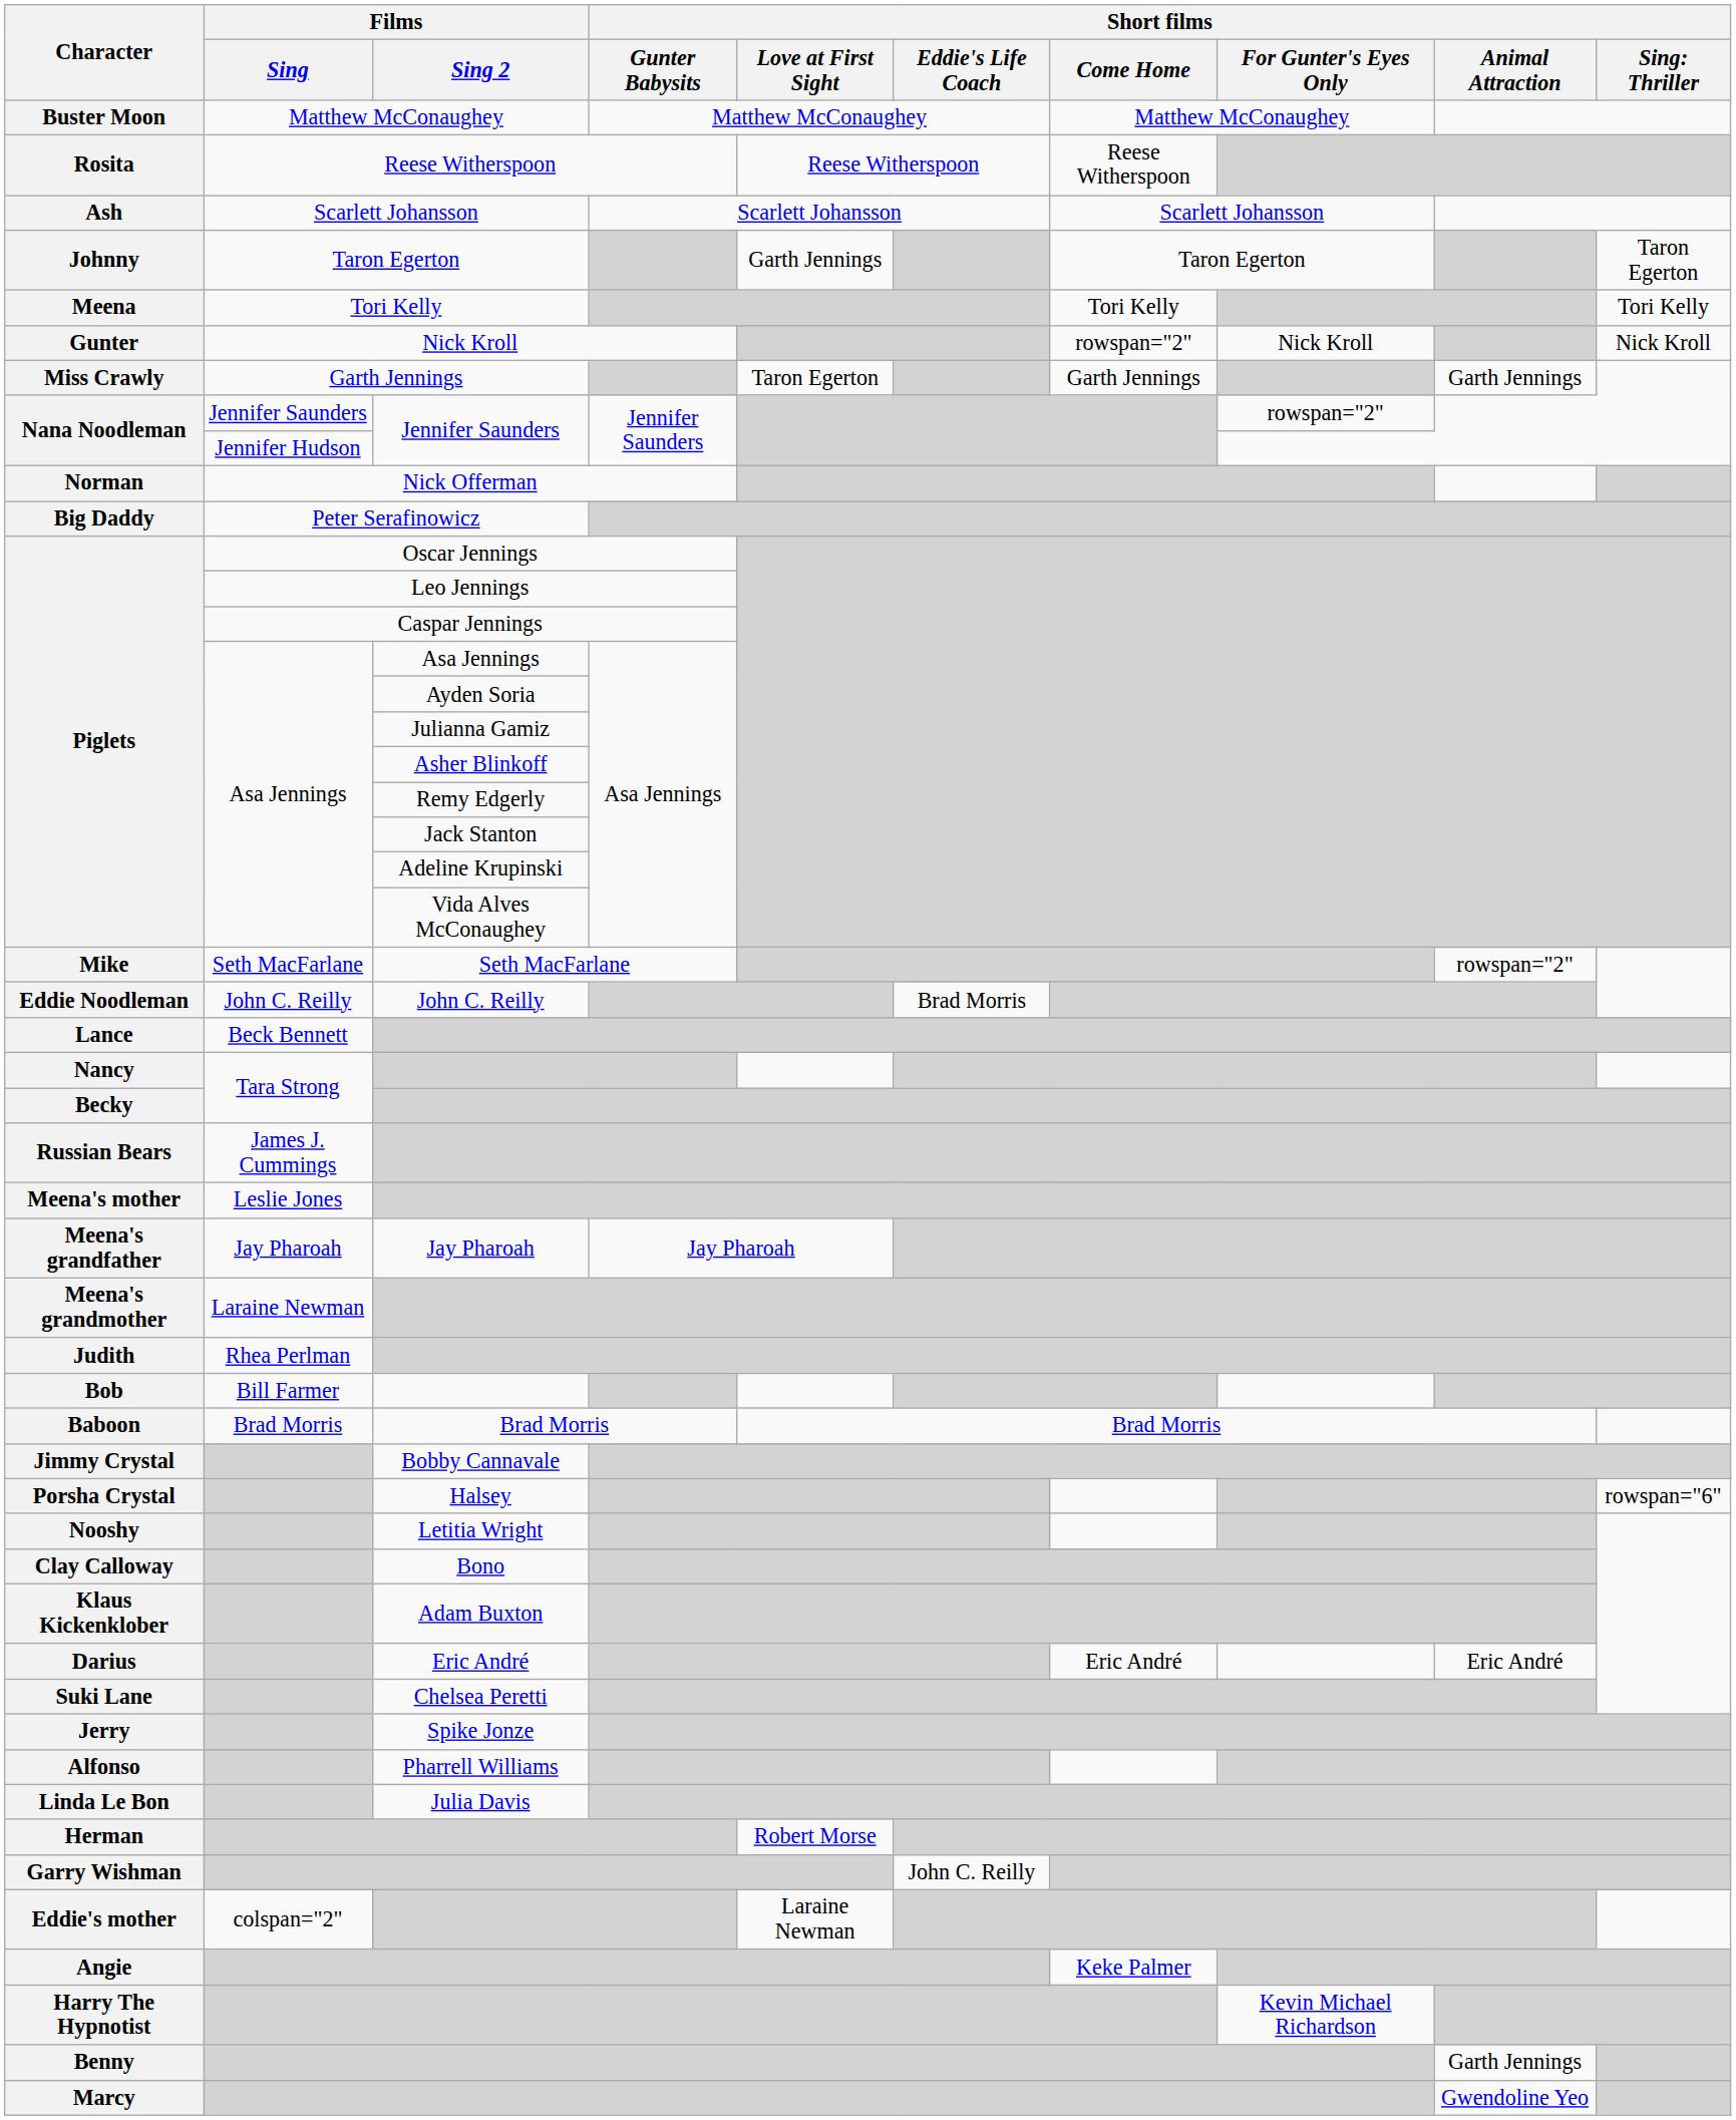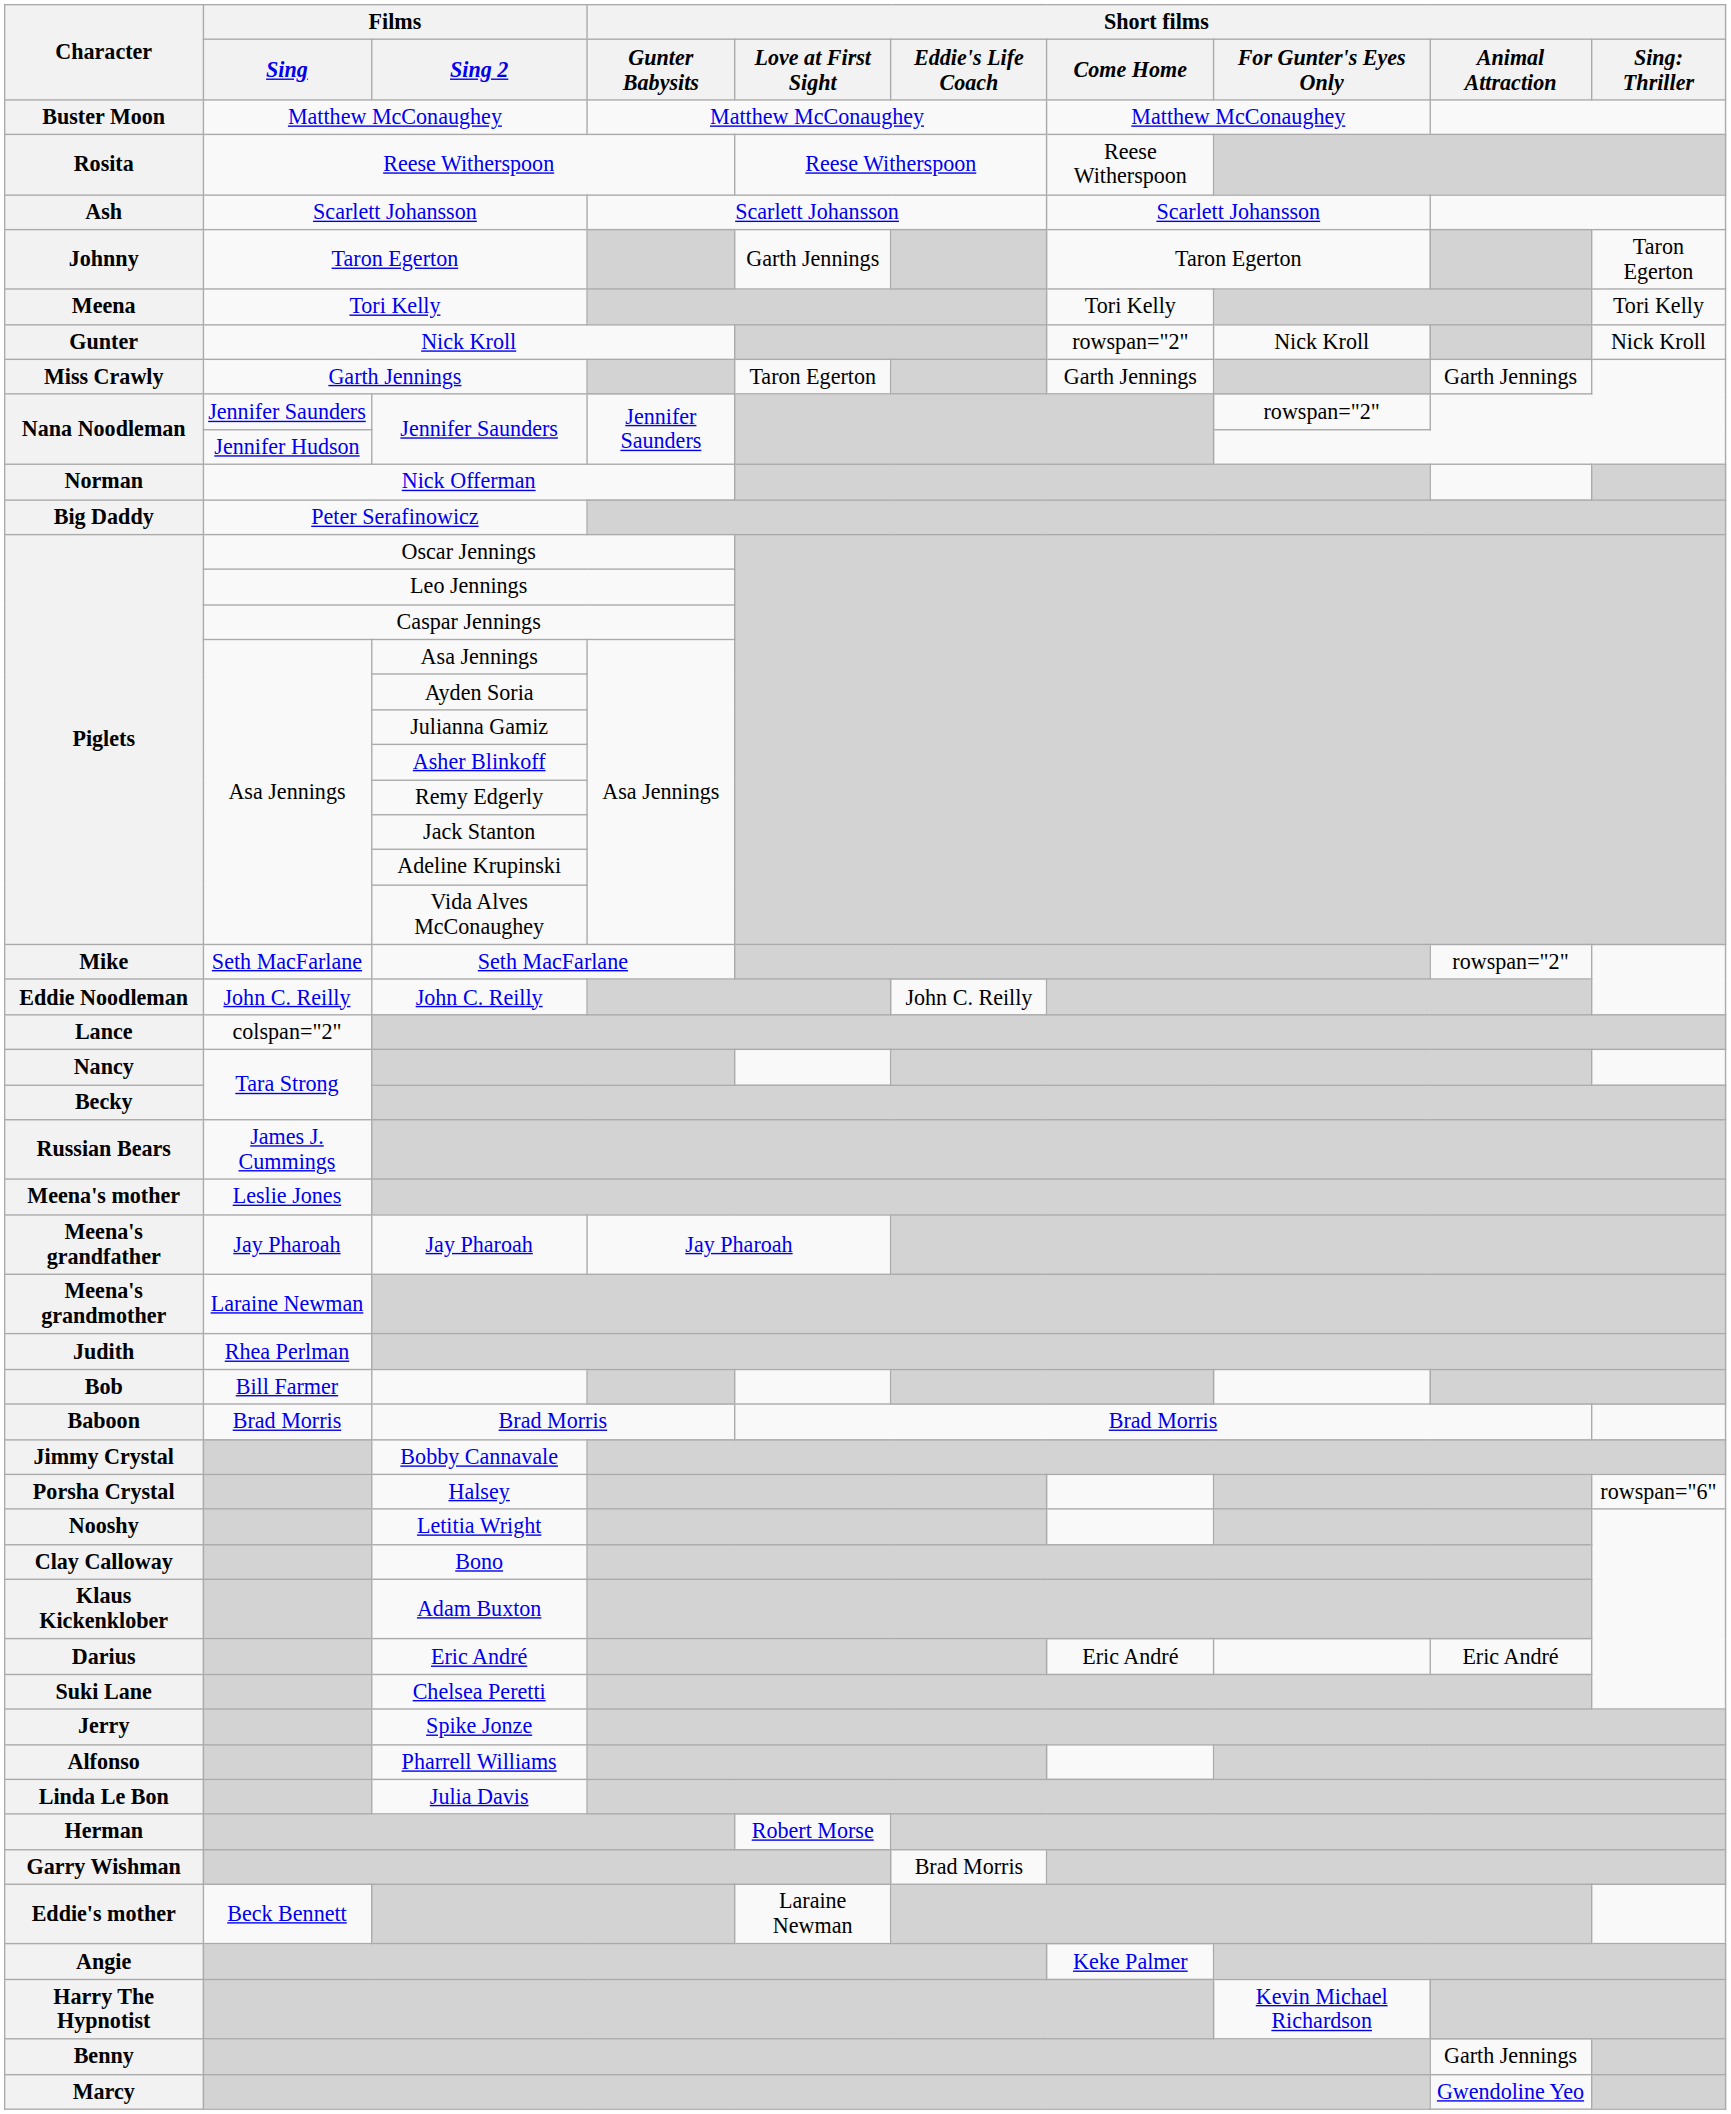 <table class="wikitable" style="text-align:center;">
 <tr>
 <th rowspan="2">Character</th>
 <th colspan="2">Films</th>
 <th colspan="7">Short films</th>
 </tr>
 <tr>
 <th><em><a href='#'>Sing</a></em></th>
 <th><em><a href='#'>Sing 2</a></em></th>
 <th><em>Gunter Babysits</em></th>
 <th><em>Love at First Sight</em></th>
 <th><em>Eddie's Life Coach</em></th>
 <th><em>Come Home</em></th>
 <th><em>For Gunter's Eyes Only</em></th>
 <th><em>Animal Attraction</em></th>
 <th><em>Sing: Thriller</em></th>
 </tr>
 <tr>
 <th>Buster Moon</th>
 <td colspan="2"><a href='#'>Matthew McConaughey</a></td>
 <td colspan="3"><a href='#'>Matthew McConaughey</a></td>
 <td colspan="2"><a href='#'>Matthew McConaughey</a></td>
 </tr>
 <tr>
 <th>Rosita</th>
 <td colspan="3"><a href='#'>Reese Witherspoon</a></td>
 <td colspan="2"><a href='#'>Reese Witherspoon</a></td>
 <td>Reese Witherspoon</td>
 <td colspan="3" style="background:lightgrey;"></td>
 </tr>
 <tr>
 <th>Ash</th>
 <td colspan="2"><a href='#'>Scarlett Johansson</a></td>
 <td colspan="3"><a href='#'>Scarlett Johansson</a></td>
 <td colspan="2"><a href='#'>Scarlett Johansson</a></td>
 </tr>
 <tr>
 <th>Johnny</th>
 <td colspan="2"><a href='#'>Taron Egerton</a></td>
 <td style="background:lightgrey;"></td>
 <td>Garth Jennings</td>
 <td style="background:lightgrey;"></td>
 <td colspan="2">Taron Egerton</td>
 <td style="background:lightgrey;"></td>
 <td>Taron Egerton</td>
 </tr>
 <tr>
 <th>Meena</th>
 <td colspan="2"><a href='#'>Tori Kelly</a></td>
 <td colspan="3" style="background:lightgrey;"></td>
 <td>Tori Kelly</td>
 <td colspan="2" style="background:lightgrey;"></td>
 <td>Tori Kelly</td>
 </tr>
 <tr>
 <th>Gunter</th>
 <td colspan="3"><a href='#'>Nick Kroll</a></td>
 <td colspan="2" style="background:lightgrey;"></td>
 <td>rowspan="2" </td>
 <td>Nick Kroll</td>
 <td style="background:lightgrey;"></td>
 <td>Nick Kroll</td>
 </tr>
 <tr>
 <th>Miss Crawly</th>
 <td colspan="2"><a href='#'>Garth Jennings</a></td>
 <td style="background:lightgrey;"></td>
 <td>Taron Egerton</td>
 <td style="background:lightgrey;"></td>
 <td>Garth Jennings</td>
 <td style="background:lightgrey;"></td>
 <td>Garth Jennings</td>
 </tr>
 <tr>
 <th rowspan="2">Nana Noodleman</th>
 <td><a href='#'>Jennifer Saunders</a></td>
 <td rowspan="2"><a href='#'>Jennifer Saunders</a></td>
 <td rowspan="2"><a href='#'>Jennifer Saunders</a></td>
 <td rowspan="2" colspan="3" style="background:lightgrey;"></td>
 <td>rowspan="2" </td>
 </tr>
 <tr>
 <td><a href='#'>Jennifer Hudson</a></td>
 </tr>
 <tr>
 <th>Norman</th>
 <td colspan="3"><a href='#'>Nick Offerman</a></td>
 <td colspan="4" style="background:lightgrey;"></td>
 <td></td>
 <td style="background:lightgrey;"></td>
 </tr>
 <tr>
 <th>Big Daddy</th>
 <td colspan="2"><a href='#'>Peter Serafinowicz</a></td>
 <td colspan="7" style="background:lightgrey;"></td>
 </tr>
 <tr>
 <th rowspan="11">Piglets</th>
 <td colspan="3">Oscar Jennings</td>
 <td rowspan="11" colspan="6" style="background:lightgrey;"></td>
 </tr>
 <tr>
 <td colspan="3">Leo Jennings</td>
 </tr>
 <tr>
 <td colspan="3">Caspar Jennings</td>
 </tr>
 <tr>
 <td rowspan="8">Asa Jennings</td>
 <td>Asa Jennings</td>
 <td rowspan="8">Asa Jennings</td>
 </tr>
 <tr>
 <td>Ayden Soria</td>
 </tr>
 <tr>
 <td>Julianna Gamiz</td>
 </tr>
 <tr>
 <td><a href='#'>Asher Blinkoff</a></td>
 </tr>
 <tr>
 <td>Remy Edgerly</td>
 </tr>
 <tr>
 <td>Jack Stanton</td>
 </tr>
 <tr>
 <td>Adeline Krupinski</td>
 </tr>
 <tr>
 <td>Vida Alves McConaughey</td>
 </tr>
 <tr>
 <th>Mike</th>
 <td><a href='#'>Seth MacFarlane</a></td>
 <td colspan="2"><a href='#'>Seth MacFarlane</a></td>
 <td colspan="4" style="background:lightgrey;"></td>
 <td>rowspan="2" </td>
 </tr>
 <tr>
 <th>Eddie Noodleman</th>
 <td><a href='#'>John C. Reilly</a></td>
 <td><a href='#'>John C. Reilly</a></td>
 <td colspan="2" style="background:lightgrey;"></td>
-<td>Brad Morris</td>
+<td>John C. Reilly</td>
 <td colspan="3" style="background:lightgrey;"></td>
 </tr>
 <tr>
 <th>Lance</th>
-<td><a href='#'>Beck Bennett</a></td>
+<td>colspan="2" </td>
 <td colspan="8" style="background:lightgrey;"></td>
 </tr>
 <tr>
 <th>Nancy</th>
 <td rowspan="2"><a href='#'>Tara Strong</a></td>
 <td colspan="2" style="background:lightgrey;"></td>
 <td></td>
 <td colspan="4" style="background:lightgrey;"></td>
 <td></td>
 </tr>
 <tr>
 <th>Becky</th>
 <td colspan="8" style="background:lightgrey;"></td>
 </tr>
 <tr>
 <th>Russian Bears</th>
 <td><a href='#'>James J. Cummings</a></td>
 <td colspan="8" style="background:lightgrey;"></td>
 </tr>
 <tr>
 <th>Meena's mother</th>
 <td><a href='#'>Leslie Jones</a></td>
 <td colspan="8" style="background:lightgrey;"></td>
 </tr>
 <tr>
 <th>Meena's grandfather</th>
 <td><a href='#'>Jay Pharoah</a></td>
 <td><a href='#'>Jay Pharoah</a></td>
 <td colspan="2"><a href='#'>Jay Pharoah</a></td>
 <td colspan="5" style="background:lightgrey;"></td>
 </tr>
 <tr>
 <th>Meena's grandmother</th>
 <td><a href='#'>Laraine Newman</a></td>
 <td colspan="8" style="background:lightgrey;"></td>
 </tr>
 <tr>
 <th>Judith</th>
 <td><a href='#'>Rhea Perlman</a></td>
 <td colspan="8" style="background:lightgrey;"></td>
 </tr>
 <tr>
 <th>Bob</th>
 <td><a href='#'>Bill Farmer</a></td>
 <td></td>
 <td style="background:lightgrey;"></td>
 <td></td>
 <td colspan="2" style="background:lightgrey;"></td>
 <td></td>
 <td colspan="2" style="background:lightgrey;"></td>
 </tr>
 <tr>
 <th>Baboon</th>
 <td><a href='#'>Brad Morris</a></td>
 <td colspan="2"><a href='#'>Brad Morris</a></td>
 <td colspan="5"><a href='#'>Brad Morris</a></td>
 </tr>
 <tr>
 <th>Jimmy Crystal</th>
 <td style="background:lightgrey;"></td>
 <td><a href='#'>Bobby Cannavale</a></td>
 <td colspan="7" style="background:lightgrey;"></td>
 </tr>
 <tr>
 <th>Porsha Crystal</th>
 <td style="background:lightgrey;"></td>
 <td><a href='#'>Halsey</a></td>
 <td colspan="3" style="background:lightgrey;"></td>
 <td></td>
 <td colspan="2" style="background:lightgrey;"></td>
 <td>rowspan="6" </td>
 </tr>
 <tr>
 <th>Nooshy</th>
 <td style="background:lightgrey;"></td>
 <td><a href='#'>Letitia Wright</a></td>
 <td colspan="3" style="background:lightgrey;"></td>
 <td></td>
 <td colspan="2" style="background:lightgrey;"></td>
 </tr>
 <tr>
 <th>Clay Calloway</th>
 <td style="background:lightgrey;"></td>
 <td><a href='#'>Bono</a></td>
 <td colspan="6" style="background:lightgrey;"></td>
 </tr>
 <tr>
 <th>Klaus Kickenklober</th>
 <td style="background:lightgrey;"></td>
 <td><a href='#'>Adam Buxton</a></td>
 <td colspan="6" style="background:lightgrey;"></td>
 </tr>
 <tr>
 <th>Darius</th>
 <td style="background:lightgrey;"></td>
 <td><a href='#'>Eric André</a></td>
 <td colspan="3" style="background:lightgrey;"></td>
 <td>Eric André</td>
 <td></td>
 <td>Eric André</td>
 </tr>
 <tr>
 <th>Suki Lane</th>
 <td style="background:lightgrey;"></td>
 <td><a href='#'>Chelsea Peretti</a></td>
 <td colspan="6" style="background:lightgrey;"></td>
 </tr>
 <tr>
 <th>Jerry</th>
 <td style="background:lightgrey;"></td>
 <td><a href='#'>Spike Jonze</a></td>
 <td colspan="7" style="background:lightgrey;"></td>
 </tr>
 <tr>
 <th>Alfonso</th>
 <td style="background:lightgrey;"></td>
 <td><a href='#'>Pharrell Williams</a></td>
 <td colspan="3" style="background:lightgrey;"></td>
 <td></td>
 <td colspan="3" style="background:lightgrey;"></td>
 </tr>
 <tr>
 <th>Linda Le Bon</th>
 <td style="background:lightgrey;"></td>
 <td><a href='#'>Julia Davis</a></td>
 <td colspan="7" style="background:lightgrey;"></td>
 </tr>
 <tr>
 <th>Herman</th>
 <td colspan="3" style="background:lightgrey;"></td>
 <td><a href='#'>Robert Morse</a></td>
 <td colspan="5" style="background:lightgrey;"></td>
 </tr>
 <tr>
 <th>Garry Wishman</th>
 <td colspan="4" style="background:lightgrey;"></td>
-<td>John C. Reilly</td>
+<td>Brad Morris</td>
 <td colspan="4" style="background:lightgrey;"></td>
 </tr>
 <tr>
 <th>Eddie's mother</th>
-<td>colspan="2" </td>
+<td><a href='#'>Beck Bennett</a></td>
 <td colspan="2" style="background:lightgrey;"></td>
 <td>Laraine Newman</td>
 <td colspan="4" style="background:lightgrey;"></td>
 </tr>
 <tr>
 <th>Angie</th>
 <td colspan="5" style="background:lightgrey;"></td>
 <td><a href='#'>Keke Palmer</a></td>
 <td colspan="3" style="background:lightgrey;"></td>
 </tr>
 <tr>
 <th>Harry The Hypnotist</th>
 <td colspan="6" style="background:lightgrey;"></td>
 <td><a href='#'>Kevin Michael Richardson</a></td>
 <td colspan="2" style="background:lightgrey;"></td>
 </tr>
 <tr>
 <th>Benny</th>
 <td colspan="7" style="background:lightgrey;"></td>
 <td>Garth Jennings</td>
 <td style="background:lightgrey;"></td>
 </tr>
 <tr>
 <th>Marcy</th>
 <td colspan="7" style="background:lightgrey;"></td>
 <td><a href='#'>Gwendoline Yeo</a></td>
 <td style="background:lightgrey;"></td>
 </tr>
 </table>
